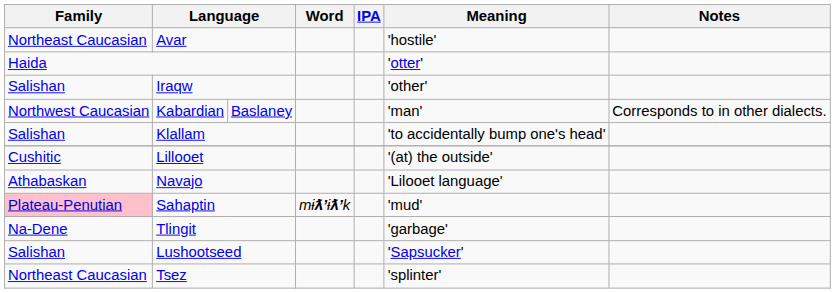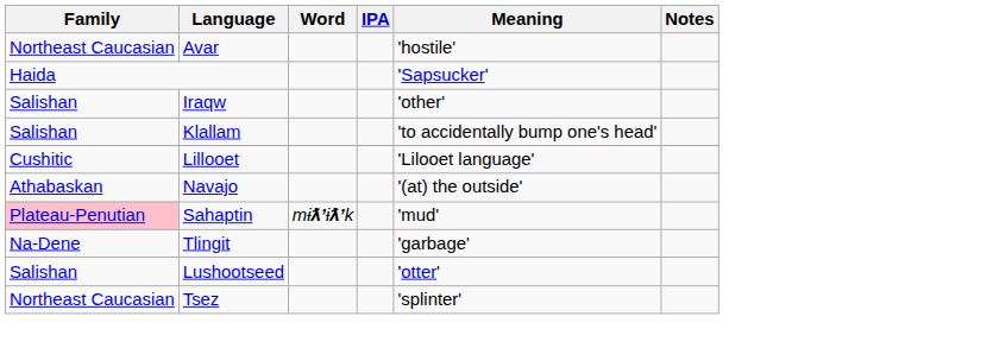 <table class="wikitable">
 <tr>
 <th>Family</th>
 <th colspan="2">Language</th>
 <th>Word</th>
 <th><a href='#'>IPA</a></th>
 <th>Meaning</th>
 <th>Notes</th>
 </tr>
 <tr>
 <td><a href='#'>Northeast Caucasian</a></td>
 <td colspan="2"><a href='#'>Avar</a></td>
 <td></td>
 <td></td>
 <td>'hostile'</td>
 <td></td>
 </tr>
 <tr>
 <td colspan="3"><a href='#'>Haida</a></td>
 <td></td>
 <td></td>
-<td>'<a href='#'>otter</a>'</td>
+<td>'<a href='#'>Sapsucker</a>'</td>
 <td></td>
 </tr>
 <tr>
 <td><a href='#'>Salishan</a></td>
 <td colspan="2"><a href='#'>Iraqw</a></td>
 <td></td>
 <td></td>
 <td>'other'</td>
 <td></td>
-</tr>
-<tr>
-<td><a href='#'>Northwest Caucasian</a></td>
-<td><a href='#'>Kabardian</a></td>
-<td><a href='#'>Baslaney</a></td>
-<td></td>
-<td></td>
-<td>'man'</td>
-<td>Corresponds to  in other dialects.</td>
 </tr>
 <tr>
 <td><a href='#'>Salishan</a></td>
 <td colspan="2"><a href='#'>Klallam</a></td>
 <td></td>
 <td></td>
 <td>'to accidentally bump one's head'</td>
 <td></td>
 </tr>
 <tr>
 </tr>
 <tr>
 <td><a href='#'>Cushitic</a></td>
 <td colspan="2"><a href='#'>Lillooet</a></td>
 <td></td>
 <td></td>
-<td>'(at) the outside'</td>
+<td>'Lilooet language'</td>
 <td></td>
 </tr>
 <tr>
 <td><a href='#'>Athabaskan</a></td>
 <td colspan="2"><a href='#'>Navajo</a></td>
 <td></td>
 <td></td>
-<td>'Lilooet language'</td>
+<td>'(at) the outside'</td>
 <td></td>
 </tr>
 <tr>
 <td style="background: pink;"><a href='#'>Plateau-Penutian</a></td>
 <td colspan="2"><a href='#'>Sahaptin</a></td>
 <td><em>mɨ<strong>ƛ’</strong>ɨ<strong>ƛ’</strong>k</em></td>
 <td></td>
 <td>'mud'</td>
 <td></td>
 </tr>
 <tr>
 <td><a href='#'>Na-Dene</a></td>
 <td colspan=2><a href='#'>Tlingit</a></td>
 <td></td>
 <td></td>
 <td>'garbage'</td>
 <td></td>
 </tr>
 <tr>
 <td><a href='#'>Salishan</a></td>
 <td colspan=2><a href='#'>Lushootseed</a></td>
 <td></td>
 <td></td>
-<td>'<a href='#'>Sapsucker</a>'</td>
+<td>'<a href='#'>otter</a>'</td>
 <td></td>
 </tr>
 <tr>
 <td><a href='#'>Northeast Caucasian</a></td>
 <td colspan="2"><a href='#'>Tsez</a></td>
 <td></td>
 <td></td>
 <td>'splinter'</td>
 <td></td>
 </tr>
 </table>
